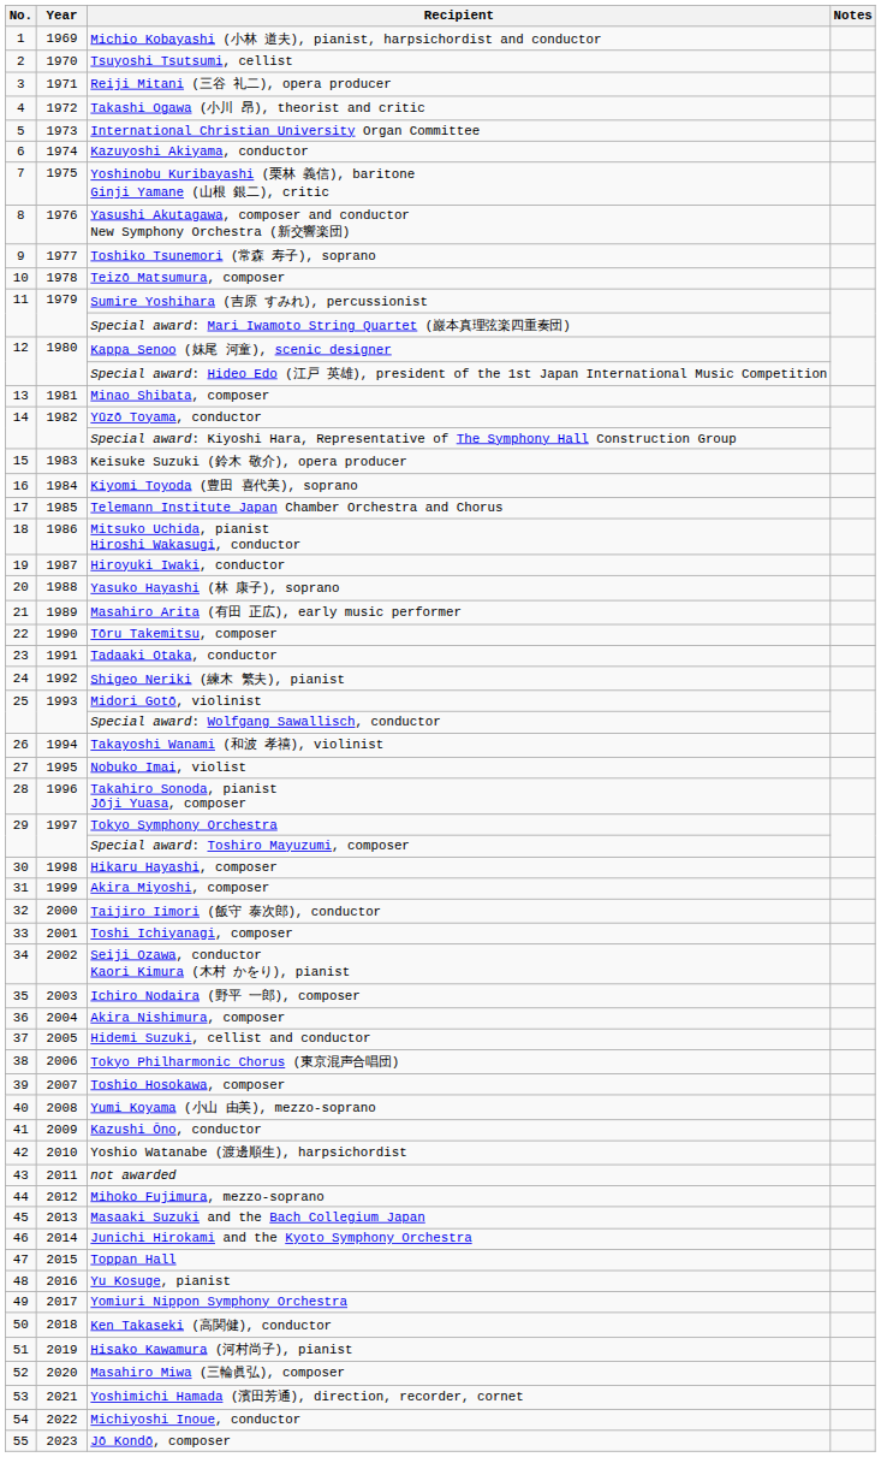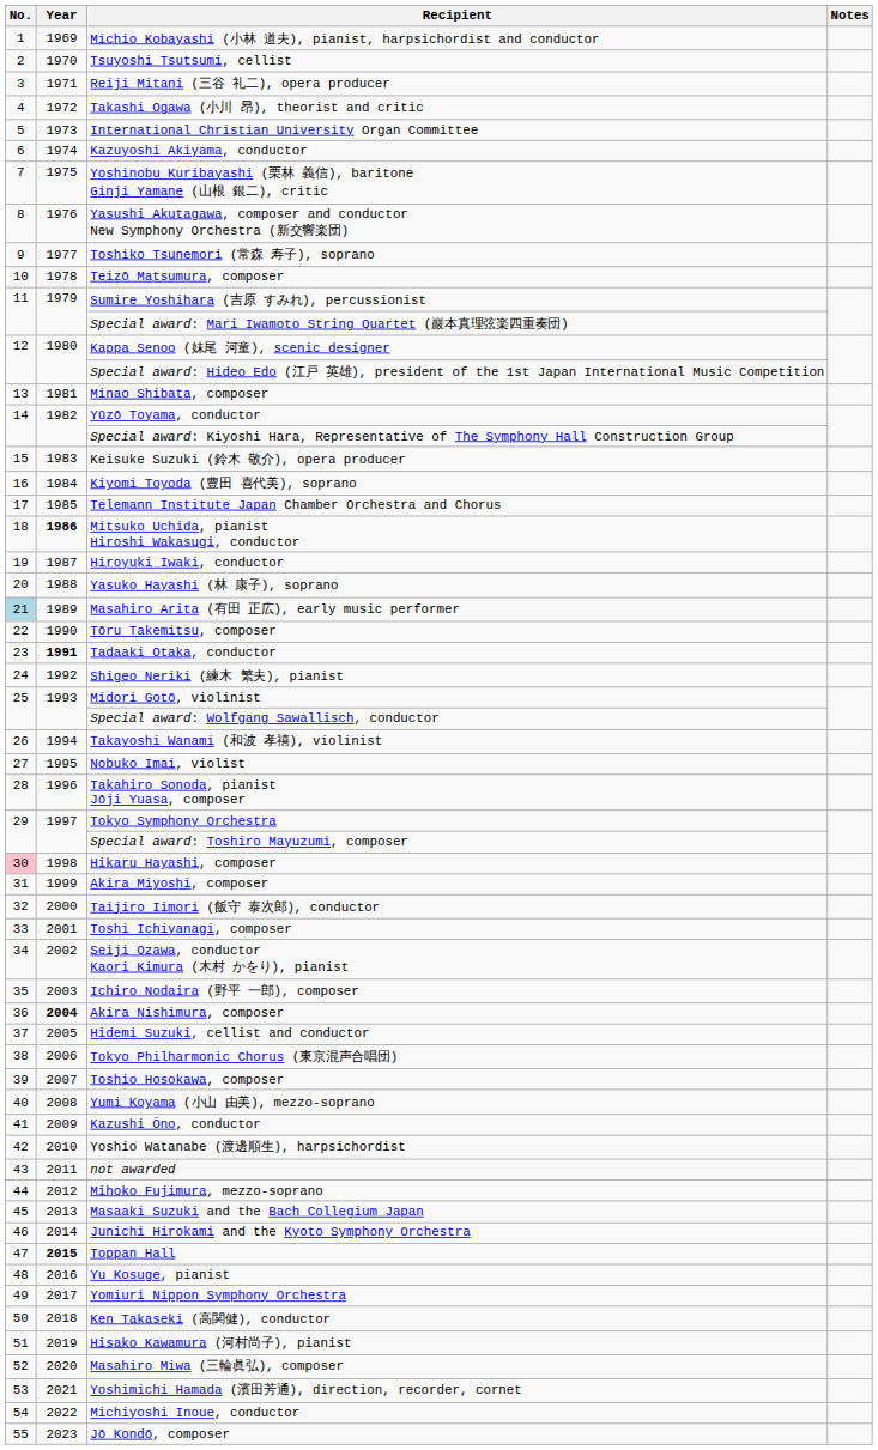 <table class="wikitable">
 <tr>
 <th width="25">No.</th>
 <th width="45">Year</th>
 <th width=>Recipient</th>
 <th width=>Notes</th>
 </tr>
 <tr>
 <td align=center>1</td>
 <td align=center>1969</td>
 <td><a href='#'>Michio Kobayashi</a> (小林 道夫), pianist, harpsichordist and conductor</td>
 <td> </td>
 </tr>
 <tr>
 <td align=center>2</td>
 <td align=center>1970</td>
 <td><a href='#'>Tsuyoshi Tsutsumi</a>, cellist</td>
 <td> </td>
 </tr>
 <tr>
 <td align=center>3</td>
 <td align=center>1971</td>
 <td><a href='#'>Reiji Mitani</a> (三谷 礼二), opera producer</td>
 <td> </td>
 </tr>
 <tr>
 <td align=center>4</td>
 <td align=center>1972</td>
 <td><a href='#'>Takashi Ogawa</a> (小川 昂), theorist and critic</td>
 <td> </td>
 </tr>
 <tr>
 <td align=center>5</td>
 <td align=center>1973</td>
 <td><a href='#'>International Christian University</a> Organ Committee</td>
 <td> </td>
 </tr>
 <tr>
 <td align=center>6</td>
 <td align=center>1974</td>
 <td><a href='#'>Kazuyoshi Akiyama</a>, conductor</td>
 <td> </td>
 </tr>
 <tr>
 <td align=center valign="top">7</td>
 <td align=center valign="top">1975</td>
 <td><a href='#'>Yoshinobu Kuribayashi</a> (栗林 義信), baritone <br> <a href='#'>Ginji Yamane</a> (山根 銀二), critic</td>
 <td valign="top"> </td>
 </tr>
 <tr>
 <td align=center valign="top">8</td>
 <td align=center valign="top">1976</td>
 <td><a href='#'>Yasushi Akutagawa</a>, composer and conductor <br> New Symphony Orchestra (新交響楽団)</td>
 <td valign="top"> </td>
 </tr>
 <tr>
 <td align=center>9</td>
 <td align=center>1977</td>
 <td><a href='#'>Toshiko Tsunemori</a> (常森 寿子), soprano</td>
 <td> </td>
 </tr>
 <tr>
 <td align=center>10</td>
 <td align=center>1978</td>
 <td><a href='#'>Teizō Matsumura</a>, composer</td>
 <td> </td>
 </tr>
 <tr>
 <td rowspan="2" align="center" valign="top">11</td>
 <td rowspan="2" align=center valign="top">1979</td>
 <td><a href='#'>Sumire Yoshihara</a> (吉原 すみれ), percussionist</td>
 <td rowspan="2"  valign="top"> </td>
 </tr>
 <tr>
 <td><em>Special award</em>: <a href='#'>Mari Iwamoto String Quartet</a> (巖本真理弦楽四重奏団)</td>
 </tr>
 <tr>
 <td rowspan="2" align="center" valign="top">12</td>
 <td rowspan="2" align=center valign="top">1980</td>
 <td><a href='#'>Kappa Senoo</a> (妹尾 河童), <a href='#'>scenic designer</a></td>
 <td rowspan="2"  valign="top"> </td>
 </tr>
 <tr>
 <td><em>Special award</em>: <a href='#'>Hideo Edo</a> (江戸 英雄), president of the 1st Japan International Music Competition</td>
 </tr>
 <tr>
 <td align=center>13</td>
 <td align=center>1981</td>
 <td><a href='#'>Minao Shibata</a>, composer</td>
 <td> </td>
 </tr>
 <tr>
 <td rowspan="2" align="center" valign="top">14</td>
 <td rowspan="2" align=center valign="top">1982</td>
 <td><a href='#'>Yūzō Toyama</a>, conductor</td>
 <td rowspan="2"  valign="top"> </td>
 </tr>
 <tr>
 <td><em>Special award</em>: Kiyoshi Hara, Representative of <a href='#'>The Symphony Hall</a> Construction Group</td>
 </tr>
 <tr>
 <td align=center>15</td>
 <td align=center>1983</td>
 <td>Keisuke Suzuki (鈴木 敬介), opera producer</td>
 <td> </td>
 </tr>
 <tr>
 <td align=center>16</td>
 <td align=center>1984</td>
 <td><a href='#'>Kiyomi Toyoda</a> (豊田 喜代美), soprano</td>
 <td> </td>
 </tr>
 <tr>
 <td align=center>17</td>
 <td align=center>1985</td>
 <td><a href='#'>Telemann Institute Japan</a> Chamber Orchestra and Chorus</td>
 <td></td>
 </tr>
 <tr>
 <td align=center valign="top">18</td>
-<td align=center valign="top">1986</td>
+<td align=center valign="top"><strong>1986</strong></td>
 <td><a href='#'>Mitsuko Uchida</a>, pianist <br> <a href='#'>Hiroshi Wakasugi</a>, conductor</td>
 <td valign="top"> </td>
 </tr>
 <tr>
 <td align=center>19</td>
 <td align=center>1987</td>
 <td><a href='#'>Hiroyuki Iwaki</a>, conductor</td>
 <td> </td>
 </tr>
 <tr>
 <td align=center>20</td>
 <td align=center>1988</td>
 <td><a href='#'>Yasuko Hayashi</a> (林 康子), soprano</td>
 <td> </td>
 </tr>
 <tr>
-<td align=center>21</td>
+<td align=center style="background: lightblue;">21</td>
 <td align=center>1989</td>
 <td><a href='#'>Masahiro Arita</a> (有田 正広), early music performer</td>
 <td> </td>
 </tr>
 <tr>
 <td align=center>22</td>
 <td align=center>1990</td>
 <td><a href='#'>Tōru Takemitsu</a>, composer</td>
 <td> </td>
 </tr>
 <tr>
 <td align=center>23</td>
-<td align=center>1991</td>
+<td align=center><strong>1991</strong></td>
 <td><a href='#'>Tadaaki Otaka</a>, conductor</td>
 <td> </td>
 </tr>
 <tr>
 <td align=center>24</td>
 <td align=center>1992</td>
 <td><a href='#'>Shigeo Neriki</a> (練木 繁夫), pianist</td>
 <td> </td>
 </tr>
 <tr>
 <td rowspan="2" align="center" valign="top">25</td>
 <td rowspan="2" align=center valign="top">1993</td>
 <td><a href='#'>Midori Gotō</a>, violinist</td>
 <td rowspan="2"  valign="top"> </td>
 </tr>
 <tr>
 <td><em>Special award</em>: <a href='#'>Wolfgang Sawallisch</a>, conductor</td>
 </tr>
 <tr>
 <td align=center>26</td>
 <td align=center>1994</td>
 <td><a href='#'>Takayoshi Wanami</a> (和波 孝禧), violinist</td>
 <td> </td>
 </tr>
 <tr>
 <td align=center>27</td>
 <td align=center>1995</td>
 <td><a href='#'>Nobuko Imai</a>, violist</td>
 <td> </td>
 </tr>
 <tr>
 <td align=center valign="top">28</td>
 <td align=center valign="top">1996</td>
 <td><a href='#'>Takahiro Sonoda</a>, pianist <br> <a href='#'>Jōji Yuasa</a>, composer</td>
 <td valign="top"> </td>
 </tr>
 <tr>
 <td rowspan="2" align="center" valign="top">29</td>
 <td rowspan="2" align=center valign="top">1997</td>
 <td><a href='#'>Tokyo Symphony Orchestra</a></td>
 <td rowspan="2"  valign="top"> </td>
 </tr>
 <tr>
 <td><em>Special award</em>: <a href='#'>Toshiro Mayuzumi</a>, composer</td>
 </tr>
 <tr>
-<td align=center>30</td>
+<td align=center style="background: pink;">30</td>
 <td align=center>1998</td>
 <td><a href='#'>Hikaru Hayashi</a>, composer</td>
 <td> </td>
 </tr>
 <tr>
 <td align=center>31</td>
 <td align=center>1999</td>
 <td><a href='#'>Akira Miyoshi</a>, composer</td>
 <td> </td>
 </tr>
 <tr>
 <td align=center>32</td>
 <td align=center>2000</td>
 <td><a href='#'>Taijiro Iimori</a> (飯守 泰次郎), conductor</td>
 <td></td>
 </tr>
 <tr>
 <td align=center>33</td>
 <td align=center>2001</td>
 <td><a href='#'>Toshi Ichiyanagi</a>, composer</td>
 <td> </td>
 </tr>
 <tr>
 <td align=center valign="top">34</td>
 <td align=center valign="top">2002</td>
 <td><a href='#'>Seiji Ozawa</a>, conductor <br> <a href='#'>Kaori Kimura</a> (木村 かをり), pianist</td>
 <td valign="top"> </td>
 </tr>
 <tr>
 <td align=center>35</td>
 <td align=center>2003</td>
 <td><a href='#'>Ichiro Nodaira</a> (野平 一郎), composer</td>
 <td></td>
 </tr>
 <tr>
 <td align=center>36</td>
-<td align=center>2004</td>
+<td align=center><strong>2004</strong></td>
 <td><a href='#'>Akira Nishimura</a>, composer</td>
 <td> </td>
 </tr>
 <tr>
 <td align=center>37</td>
 <td align=center>2005</td>
 <td><a href='#'>Hidemi Suzuki</a>, cellist and conductor</td>
 <td> </td>
 </tr>
 <tr>
 <td align=center>38</td>
 <td align=center>2006</td>
 <td><a href='#'>Tokyo Philharmonic Chorus</a> (東京混声合唱団)</td>
 <td> </td>
 </tr>
 <tr>
 <td align=center>39</td>
 <td align=center>2007</td>
 <td><a href='#'>Toshio Hosokawa</a>, composer</td>
 <td> </td>
 </tr>
 <tr>
 <td align=center>40</td>
 <td align=center>2008</td>
 <td><a href='#'>Yumi Koyama</a> (小山 由美), mezzo-soprano</td>
 <td> </td>
 </tr>
 <tr>
 <td align=center>41</td>
 <td align=center>2009</td>
 <td><a href='#'>Kazushi Ōno</a>, conductor</td>
 <td> </td>
 </tr>
 <tr>
 <td align=center>42</td>
 <td align=center>2010</td>
 <td>Yoshio Watanabe (渡邊順生), harpsichordist</td>
 <td> </td>
 </tr>
 <tr>
 <td align=center>43</td>
 <td align=center>2011</td>
 <td><em>not awarded</em></td>
 <td> </td>
 </tr>
 <tr>
 <td align=center>44</td>
 <td align=center>2012</td>
 <td><a href='#'>Mihoko Fujimura</a>, mezzo-soprano</td>
 <td> </td>
 </tr>
 <tr>
 <td align=center>45</td>
 <td align=center>2013</td>
 <td><a href='#'>Masaaki Suzuki</a> and the <a href='#'>Bach Collegium Japan</a></td>
 <td> </td>
 </tr>
 <tr>
 <td align=center>46</td>
 <td align=center>2014</td>
 <td><a href='#'>Junichi Hirokami</a> and the <a href='#'>Kyoto Symphony Orchestra</a></td>
 <td> </td>
 </tr>
 <tr>
 <td align=center>47</td>
-<td align=center>2015</td>
+<td align=center><strong>2015</strong></td>
 <td><a href='#'>Toppan Hall</a></td>
 <td> </td>
 </tr>
 <tr>
 <td align=center>48</td>
 <td align=center>2016</td>
 <td><a href='#'>Yu Kosuge</a>, pianist</td>
 <td> </td>
 </tr>
 <tr>
 <td align=center>49</td>
 <td align=center>2017</td>
 <td><a href='#'>Yomiuri Nippon Symphony Orchestra</a></td>
 <td> </td>
 </tr>
 <tr>
 <td align=center>50</td>
 <td align=center>2018</td>
 <td><a href='#'>Ken Takaseki</a> (高関健), conductor</td>
 <td> </td>
 </tr>
 <tr>
 <td align=center>51</td>
 <td align=center>2019</td>
 <td><a href='#'>Hisako Kawamura</a> (河村尚子), pianist</td>
 <td> </td>
 </tr>
 <tr>
 <td align=center>52</td>
 <td align=center>2020</td>
 <td><a href='#'>Masahiro Miwa</a> (三輪眞弘), composer</td>
 <td> </td>
 </tr>
 <tr>
 <td align=center>53</td>
 <td align=center>2021</td>
 <td><a href='#'>Yoshimichi Hamada</a> (濱田芳通), direction, recorder, cornet</td>
 <td> </td>
 </tr>
 <tr>
 <td align=center>54</td>
 <td align=center>2022</td>
 <td><a href='#'>Michiyoshi Inoue</a>, conductor</td>
 <td> </td>
 </tr>
 <tr>
 <td align=center>55</td>
 <td align=center>2023</td>
 <td><a href='#'>Jō Kondō</a>, composer</td>
 <td> </td>
 </tr>
 </table>
